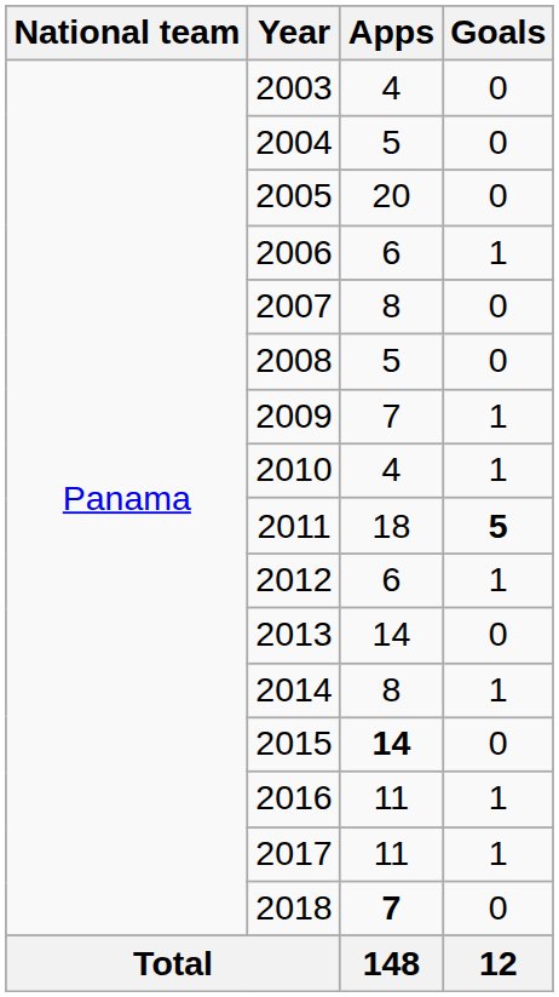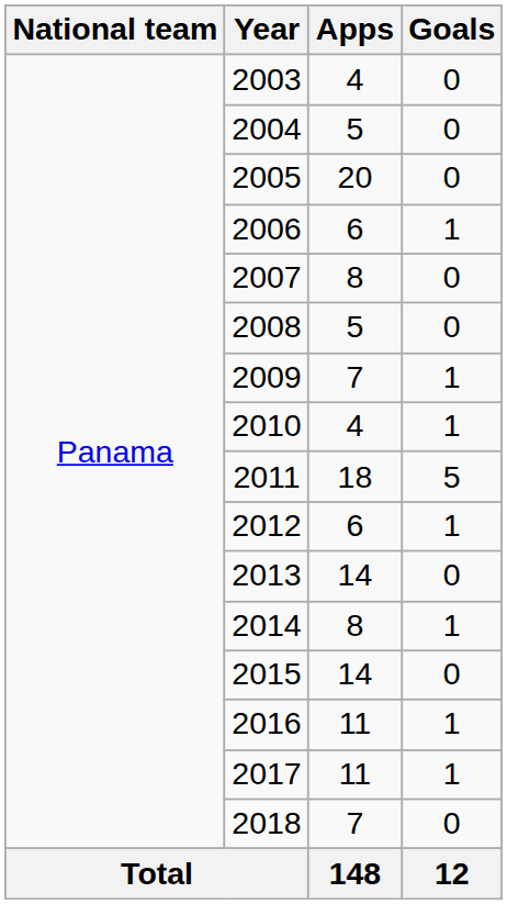 <table class="wikitable" style="text-align:center">
 <tr>
 <th>National team</th>
 <th>Year</th>
 <th>Apps</th>
 <th>Goals</th>
 </tr>
 <tr>
 <td rowspan="16"><a href='#'>Panama</a></td>
 <td>2003</td>
 <td>4</td>
 <td>0</td>
 </tr>
 <tr>
 <td>2004</td>
 <td>5</td>
 <td>0</td>
 </tr>
 <tr>
 <td>2005</td>
 <td>20</td>
 <td>0</td>
 </tr>
 <tr>
 <td>2006</td>
 <td>6</td>
 <td>1</td>
 </tr>
 <tr>
 <td>2007</td>
 <td>8</td>
 <td>0</td>
 </tr>
 <tr>
 <td>2008</td>
 <td>5</td>
 <td>0</td>
 </tr>
 <tr>
 <td>2009</td>
 <td>7</td>
 <td>1</td>
 </tr>
 <tr>
 <td>2010</td>
 <td>4</td>
 <td>1</td>
 </tr>
 <tr>
 <td>2011</td>
 <td>18</td>
-<td><strong>5</strong></td>
+<td>5</td>
 </tr>
 <tr>
 <td>2012</td>
 <td>6</td>
 <td>1</td>
 </tr>
 <tr>
 <td>2013</td>
 <td>14</td>
 <td>0</td>
 </tr>
 <tr>
 <td>2014</td>
 <td>8</td>
 <td>1</td>
 </tr>
 <tr>
 <td>2015</td>
-<td><strong>14</strong></td>
+<td>14</td>
 <td>0</td>
 </tr>
 <tr>
 <td>2016</td>
 <td>11</td>
 <td>1</td>
 </tr>
 <tr>
 <td>2017</td>
 <td>11</td>
 <td>1</td>
 </tr>
 <tr>
 <td>2018</td>
-<td><strong>7</strong></td>
+<td>7</td>
 <td>0</td>
 </tr>
 <tr>
 <th colspan="2">Total</th>
 <th>148</th>
 <th>12</th>
 </tr>
 </table>
